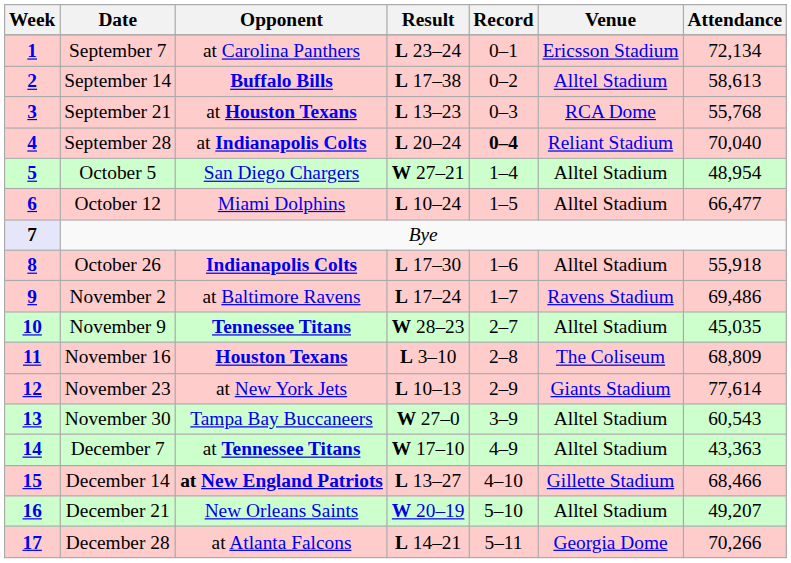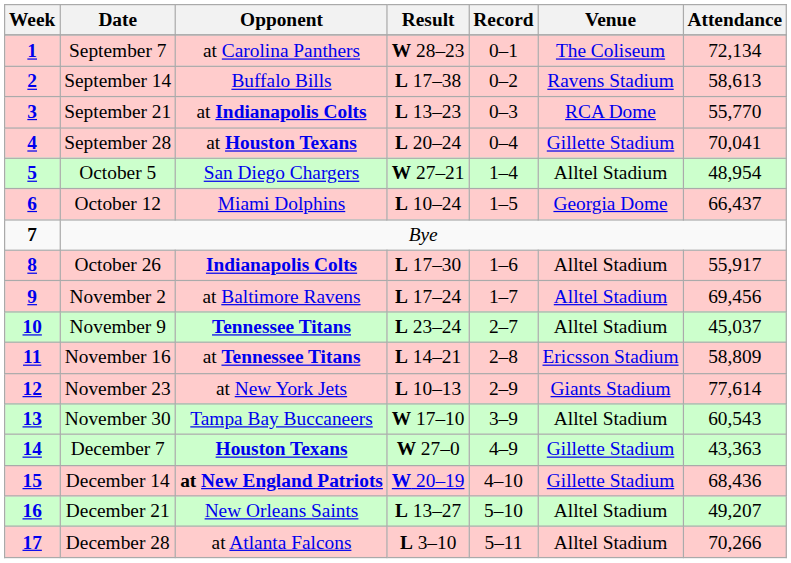 <table class="wikitable" style="text-align:center">
 <tr>
 <th>Week</th>
 <th>Date</th>
 <th>Opponent</th>
 <th>Result</th>
 <th>Record</th>
 <th>Venue</th>
 <th>Attendance</th>
 </tr>
 <tr>
 </tr>
 <tr style="background: #fcc;">
 <td><strong><a href='#'>1</a></strong></td>
 <td>September 7</td>
 <td>at <a href='#'>Carolina Panthers</a></td>
-<td><strong>L</strong> 23–24</td>
+<td><strong>W</strong> 28–23</td>
 <td>0–1</td>
-<td><a href='#'>Ericsson Stadium</a></td>
+<td><a href='#'>The Coliseum</a></td>
 <td>72,134</td>
 </tr>
 <tr style="background: #fcc;">
 <td><strong><a href='#'>2</a></strong></td>
 <td>September 14</td>
-<td><strong><a href='#'>Buffalo Bills</a></strong></td>
+<td><a href='#'>Buffalo Bills</a></td>
 <td><strong>L</strong> 17–38</td>
 <td>0–2</td>
-<td><a href='#'>Alltel Stadium</a></td>
+<td><a href='#'>Ravens Stadium</a></td>
 <td>58,613</td>
 </tr>
 <tr style="background: #fcc;">
 <td><strong><a href='#'>3</a></strong></td>
 <td>September 21</td>
-<td>at <strong><a href='#'>Houston Texans</a></strong></td>
+<td>at <strong><a href='#'>Indianapolis Colts</a></strong></td>
 <td><strong>L</strong> 13–23</td>
 <td>0–3</td>
 <td><a href='#'>RCA Dome</a></td>
-<td>55,768</td>
+<td>55,770</td>
 </tr>
 <tr style="background: #fcc;">
 <td><strong><a href='#'>4</a></strong></td>
 <td>September 28</td>
-<td>at <strong><a href='#'>Indianapolis Colts</a></strong></td>
+<td>at <strong><a href='#'>Houston Texans</a></strong></td>
 <td><strong>L</strong> 20–24</td>
-<td><strong>0–4</strong></td>
-<td><a href='#'>Reliant Stadium</a></td>
-<td>70,040</td>
+<td>0–4</td>
+<td><a href='#'>Gillette Stadium</a></td>
+<td>70,041</td>
 </tr>
 <tr style="background: #cfc;">
 <td><strong><a href='#'>5</a></strong></td>
 <td>October 5</td>
 <td><a href='#'>San Diego Chargers</a></td>
 <td><strong>W</strong> 27–21</td>
 <td>1–4</td>
 <td>Alltel Stadium</td>
 <td>48,954</td>
 </tr>
 <tr style="background: #fcc;">
 <td><strong><a href='#'>6</a></strong></td>
 <td>October 12</td>
 <td><a href='#'>Miami Dolphins</a></td>
 <td><strong>L</strong> 10–24</td>
 <td>1–5</td>
-<td>Alltel Stadium</td>
-<td>66,477</td>
+<td><a href='#'>Georgia Dome</a></td>
+<td>66,437</td>
 </tr>
 <tr>
-<td style="background: lavender;"><strong>7</strong></td>
+<td><strong>7</strong></td>
 <td colspan=6 align="center"><em>Bye</em></td>
 </tr>
 <tr style="background: #fcc;">
 <td><strong><a href='#'>8</a></strong></td>
 <td>October 26</td>
 <td><strong><a href='#'>Indianapolis Colts</a></strong></td>
 <td><strong>L</strong> 17–30</td>
 <td>1–6</td>
 <td>Alltel Stadium</td>
-<td>55,918</td>
+<td>55,917</td>
 </tr>
 <tr style="background: #fcc;">
 <td><strong><a href='#'>9</a></strong></td>
 <td>November 2</td>
 <td>at <a href='#'>Baltimore Ravens</a></td>
 <td><strong>L</strong> 17–24</td>
 <td>1–7</td>
-<td><a href='#'>Ravens Stadium</a></td>
-<td>69,486</td>
+<td><a href='#'>Alltel Stadium</a></td>
+<td>69,456</td>
 </tr>
 <tr style="background: #cfc;">
 <td><strong><a href='#'>10</a></strong></td>
 <td>November 9</td>
 <td><strong><a href='#'>Tennessee Titans</a> </strong></td>
-<td><strong>W</strong> 28–23</td>
+<td><strong>L</strong> 23–24</td>
 <td>2–7</td>
 <td>Alltel Stadium</td>
-<td>45,035</td>
+<td>45,037</td>
 </tr>
 <tr style="background: #fcc;">
 <td><strong><a href='#'>11</a></strong></td>
 <td>November 16</td>
-<td><strong><a href='#'>Houston Texans</a></strong></td>
-<td><strong>L</strong> 3–10</td>
+<td>at <strong><a href='#'>Tennessee Titans</a></strong></td>
+<td><strong>L</strong> 14–21</td>
 <td>2–8</td>
-<td><a href='#'>The Coliseum</a></td>
-<td>68,809</td>
+<td><a href='#'>Ericsson Stadium</a></td>
+<td>58,809</td>
 </tr>
 <tr style="background: #fcc;">
 <td><strong><a href='#'>12</a></strong></td>
 <td>November 23</td>
 <td>at <a href='#'>New York Jets</a></td>
 <td><strong>L</strong> 10–13</td>
 <td>2–9</td>
 <td><a href='#'>Giants Stadium</a></td>
 <td>77,614</td>
 </tr>
 <tr style="background: #cfc;">
 <td><strong><a href='#'>13</a></strong></td>
 <td>November 30</td>
 <td><a href='#'>Tampa Bay Buccaneers</a></td>
-<td><strong>W</strong> 27–0</td>
+<td><strong>W</strong> 17–10</td>
 <td>3–9</td>
 <td>Alltel Stadium</td>
 <td>60,543</td>
 </tr>
 <tr style="background: #cfc;">
 <td><strong><a href='#'>14</a></strong></td>
 <td>December 7</td>
-<td>at <strong><a href='#'>Tennessee Titans</a></strong></td>
-<td><strong>W</strong> 17–10</td>
+<td><strong><a href='#'>Houston Texans</a></strong></td>
+<td><strong>W</strong> 27–0</td>
 <td>4–9</td>
-<td>Alltel Stadium</td>
+<td><a href='#'>Gillette Stadium</a></td>
 <td>43,363</td>
 </tr>
 <tr style="background: #fcc;">
 <td><strong><a href='#'>15</a></strong></td>
 <td>December 14</td>
 <td><strong>at <a href='#'>New England Patriots</a></strong></td>
-<td><strong>L</strong> 13–27</td>
+<td><a href='#'><strong>W</strong> 20–19</a></td>
 <td>4–10</td>
 <td><a href='#'>Gillette Stadium</a></td>
-<td>68,466</td>
+<td>68,436</td>
 </tr>
 <tr style="background: #cfc;">
 <td><strong><a href='#'>16</a></strong></td>
 <td>December 21</td>
 <td><a href='#'>New Orleans Saints</a></td>
-<td><a href='#'><strong>W</strong> 20–19</a></td>
+<td><strong>L</strong> 13–27</td>
 <td>5–10</td>
 <td>Alltel Stadium</td>
 <td>49,207</td>
 </tr>
 <tr style="background: #fcc;">
 <td><strong><a href='#'>17</a></strong></td>
 <td>December 28</td>
 <td>at <a href='#'>Atlanta Falcons</a></td>
-<td><strong>L</strong> 14–21</td>
+<td><strong>L</strong> 3–10</td>
 <td>5–11</td>
-<td><a href='#'>Georgia Dome</a></td>
+<td>Alltel Stadium</td>
 <td>70,266</td>
 </tr>
 </table>
